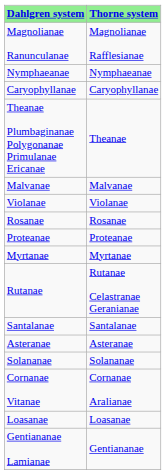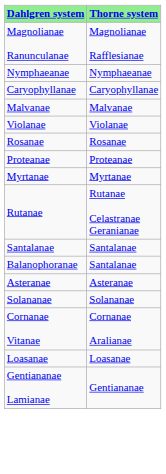 <table class="wikitable sortable" align="left" style="margin-left: auto; margin-right: auto">
 <tr>
 <th style="background:lightgreen" align="center"><a href='#'>Dahlgren system</a></th>
 <th style="background:lightgreen" align="center"><a href='#'>Thorne system</a></th>
 </tr>
 <tr>
 <td><a href='#'>Magnolianae</a><br><br><a href='#'>Ranunculanae</a></td>
 <td><a href='#'>Magnolianae</a><br><br><a href='#'>Rafflesianae</a></td>
 </tr>
 <tr>
 <td><a href='#'>Nymphaeanae</a></td>
 <td><a href='#'>Nymphaeanae</a></td>
 </tr>
 <tr>
 <td><a href='#'>Caryophyllanae</a></td>
 <td><a href='#'>Caryophyllanae</a></td>
-</tr>
-<tr>
-<td><a href='#'>Theanae</a><br><br><a href='#'>Plumbaginanae</a><br> <a href='#'>Polygonanae</a><br> <a href='#'>Primulanae</a><br> <a href='#'>Ericanae</a></td>
-<td><a href='#'>Theanae</a></td>
 </tr>
 <tr>
 <td><a href='#'>Malvanae</a></td>
 <td><a href='#'>Malvanae</a></td>
 </tr>
 <tr>
 <td><a href='#'>Violanae</a></td>
 <td><a href='#'>Violanae</a></td>
 </tr>
 <tr>
 <td><a href='#'>Rosanae</a></td>
 <td><a href='#'>Rosanae</a></td>
 </tr>
 <tr>
 <td><a href='#'>Proteanae</a></td>
 <td><a href='#'>Proteanae</a></td>
 </tr>
 <tr>
 <td><a href='#'>Myrtanae</a></td>
 <td><a href='#'>Myrtanae</a></td>
 </tr>
 <tr>
 <td><a href='#'>Rutanae</a></td>
 <td><a href='#'>Rutanae</a><br><br><a href='#'>Celastranae</a><br> <a href='#'>Geranianae</a></td>
 </tr>
 <tr>
 <td><a href='#'>Santalanae</a></td>
 <td><a href='#'>Santalanae</a></td>
 </tr>
 <tr>
+<td><a href='#'>Balanophoranae</a></td>
+<td><a href='#'>Santalanae</a></td>
+</tr>
+<tr>
 <td><a href='#'>Asteranae</a></td>
 <td><a href='#'>Asteranae</a></td>
 </tr>
 <tr>
 <td><a href='#'>Solananae</a></td>
 <td><a href='#'>Solananae</a></td>
 </tr>
 <tr>
 <td><a href='#'>Cornanae</a><br><br><a href='#'>Vitanae</a></td>
 <td><a href='#'>Cornanae</a><br><br><a href='#'>Aralianae</a></td>
 </tr>
 <tr>
 <td><a href='#'>Loasanae</a></td>
 <td><a href='#'>Loasanae</a></td>
 </tr>
 <tr>
 <td><a href='#'>Gentiananae</a><br><br><a href='#'>Lamianae</a></td>
 <td><a href='#'>Gentiananae</a></td>
 </tr>
 </table>
